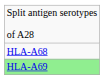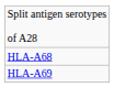 <table class="wikitable" align="right">
 <tr>
 <td>Split antigen serotypes<br><br>of A28 </td>
 </tr>
 <tr>
 <td><a href='#'>HLA-A68</a></td>
 </tr>
 <tr>
-<td style="background: lightgreen;"><a href='#'>HLA-A69</a></td>
+<td><a href='#'>HLA-A69</a></td>
 </tr>
 </table>
